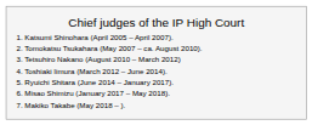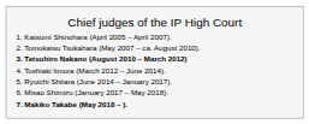 <table style="float:right; margin:1em 1em 1em 1em; width:25em; border: 1px solid #a0a0a0; padding: 10px; background-color: #F5F5F5; text-align:left;">
 <tr style="text-align:center;">
 <td>Chief judges of the IP High Court</td>
 </tr>
 <tr style="text-align:left; font-size:x-small;">
 <td>1. Katsumi Shinohara (April 2005 – April 2007).</td>
 </tr>
 <tr style="text-align:left; font-size:x-small;">
 <td>2. Tomokatsu Tsukahara (May 2007 – ca. August 2010).</td>
 </tr>
 <tr style="text-align:left; font-size:x-small;">
-<td>3. Tetsuhiro Nakano (August 2010 – March 2012)</td>
+<td><strong>3. Tetsuhiro Nakano (August 2010 – March 2012)</strong></td>
 </tr>
 <tr style="text-align:left; font-size:x-small;">
 <td>4. Toshiaki Iimura (March 2012 – June 2014).</td>
 </tr>
 <tr style="text-align:left; font-size:x-small;">
 <td>5. Ryuichi Shitara (June 2014 – January 2017).</td>
 </tr>
 <tr style="text-align:left; font-size:x-small;">
 <td>6. Misao Shimizu (January 2017 – May 2018).</td>
 </tr>
 <tr style="text-align:left; font-size:x-small;">
-<td>7. Makiko Takabe (May 2018 – ).</td>
+<td><strong>7. Makiko Takabe (May 2018 – ).</strong></td>
 </tr>
 </table>
